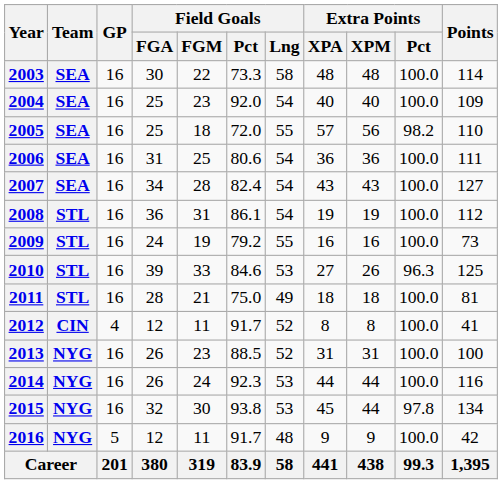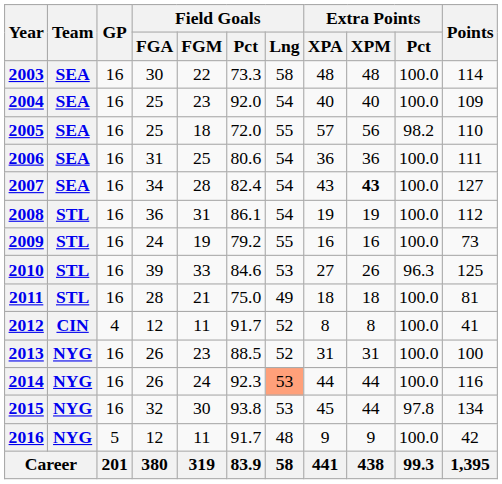 <table class="wikitable" style="text-align:center;">
 <tr>
 <th rowspan="2">Year</th>
 <th rowspan="2">Team</th>
 <th rowspan="2">GP</th>
 <th colspan="4">Field Goals</th>
 <th colspan="3">Extra Points</th>
 <th rowspan="2">Points</th>
 </tr>
 <tr>
 <th>FGA</th>
 <th>FGM</th>
 <th>Pct</th>
 <th>Lng</th>
 <th>XPA</th>
 <th>XPM</th>
 <th>Pct</th>
 </tr>
 <tr>
 <th><a href='#'>2003</a></th>
 <th><a href='#'>SEA</a></th>
 <td>16</td>
 <td>30</td>
 <td>22</td>
 <td>73.3</td>
 <td>58</td>
 <td>48</td>
 <td>48</td>
 <td>100.0</td>
 <td>114</td>
 </tr>
 <tr>
 <th><a href='#'>2004</a></th>
 <th><a href='#'>SEA</a></th>
 <td>16</td>
 <td>25</td>
 <td>23</td>
 <td>92.0</td>
 <td>54</td>
 <td>40</td>
 <td>40</td>
 <td>100.0</td>
 <td>109</td>
 </tr>
 <tr>
 <th><a href='#'>2005</a></th>
 <th><a href='#'>SEA</a></th>
 <td>16</td>
 <td>25</td>
 <td>18</td>
 <td>72.0</td>
 <td>55</td>
 <td>57</td>
 <td>56</td>
 <td>98.2</td>
 <td>110</td>
 </tr>
 <tr>
 <th><a href='#'>2006</a></th>
 <th><a href='#'>SEA</a></th>
 <td>16</td>
 <td>31</td>
 <td>25</td>
 <td>80.6</td>
 <td>54</td>
 <td>36</td>
 <td>36</td>
 <td>100.0</td>
 <td>111</td>
 </tr>
 <tr>
 <th><a href='#'>2007</a></th>
 <th><a href='#'>SEA</a></th>
 <td>16</td>
 <td>34</td>
 <td>28</td>
 <td>82.4</td>
 <td>54</td>
 <td>43</td>
-<td>43</td>
+<td><strong>43</strong></td>
 <td>100.0</td>
 <td>127</td>
 </tr>
 <tr>
 <th><a href='#'>2008</a></th>
 <th><a href='#'>STL</a></th>
 <td>16</td>
 <td>36</td>
 <td>31</td>
 <td>86.1</td>
 <td>54</td>
 <td>19</td>
 <td>19</td>
 <td>100.0</td>
 <td>112</td>
 </tr>
 <tr>
 <th><a href='#'>2009</a></th>
 <th><a href='#'>STL</a></th>
 <td>16</td>
 <td>24</td>
 <td>19</td>
 <td>79.2</td>
 <td>55</td>
 <td>16</td>
 <td>16</td>
 <td>100.0</td>
 <td>73</td>
 </tr>
 <tr>
 <th><a href='#'>2010</a></th>
 <th><a href='#'>STL</a></th>
 <td>16</td>
 <td>39</td>
 <td>33</td>
 <td>84.6</td>
 <td>53</td>
 <td>27</td>
 <td>26</td>
 <td>96.3</td>
 <td>125</td>
 </tr>
 <tr>
 <th><a href='#'>2011</a></th>
 <th><a href='#'>STL</a></th>
 <td>16</td>
 <td>28</td>
 <td>21</td>
 <td>75.0</td>
 <td>49</td>
 <td>18</td>
 <td>18</td>
 <td>100.0</td>
 <td>81</td>
 </tr>
 <tr>
 <th><a href='#'>2012</a></th>
 <th><a href='#'>CIN</a></th>
 <td>4</td>
 <td>12</td>
 <td>11</td>
 <td>91.7</td>
 <td>52</td>
 <td>8</td>
 <td>8</td>
 <td>100.0</td>
 <td>41</td>
 </tr>
 <tr>
 <th><a href='#'>2013</a></th>
 <th><a href='#'>NYG</a></th>
 <td>16</td>
 <td>26</td>
 <td>23</td>
 <td>88.5</td>
 <td>52</td>
 <td>31</td>
 <td>31</td>
 <td>100.0</td>
 <td>100</td>
 </tr>
 <tr>
 <th><a href='#'>2014</a></th>
 <th><a href='#'>NYG</a></th>
 <td>16</td>
 <td>26</td>
 <td>24</td>
 <td>92.3</td>
-<td>53</td>
+<td style="background: lightsalmon;">53</td>
 <td>44</td>
 <td>44</td>
 <td>100.0</td>
 <td>116</td>
 </tr>
 <tr>
 <th><a href='#'>2015</a></th>
 <th><a href='#'>NYG</a></th>
 <td>16</td>
 <td>32</td>
 <td>30</td>
 <td>93.8</td>
 <td>53</td>
 <td>45</td>
 <td>44</td>
 <td>97.8</td>
 <td>134</td>
 </tr>
 <tr>
 <th><a href='#'>2016</a></th>
 <th><a href='#'>NYG</a></th>
 <td>5</td>
 <td>12</td>
 <td>11</td>
 <td>91.7</td>
 <td>48</td>
 <td>9</td>
 <td>9</td>
 <td>100.0</td>
 <td>42</td>
 </tr>
 <tr>
 <th colspan="2">Career</th>
 <th>201</th>
 <th>380</th>
 <th>319</th>
 <th>83.9</th>
 <th>58</th>
 <th>441</th>
 <th>438</th>
 <th>99.3</th>
 <th>1,395</th>
 </tr>
 </table>
